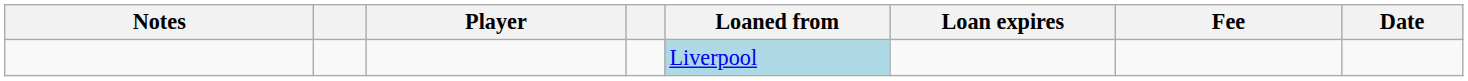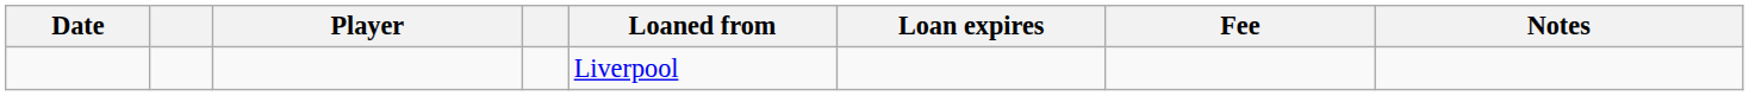 <table class="wikitable sortable">
 <tr>
-<th style="width:215px;" class="unsortable">Notes</th>
+<th style="width:80px;">Date</th>
 <th style="width:30px;"></th>
 <th style="width:180px;">Player</th>
 <th style="width:20px;"></th>
 <th style="width:155px;">Loaned from</th>
 <th style="width:155px;">Loan expires</th>
 <th style="width:155px;" class="unsortable">Fee</th>
-<th style="width:80px;">Date</th>
+<th style="width:215px;" class="unsortable">Notes</th>
 </tr>
 <tr>
-<td align=center></td>
+<td></td>
 <td align=center></td>
 <td> </td>
 <td></td>
-<td style="background: lightblue;"> <a href='#'>Liverpool</a></td>
+<td> <a href='#'>Liverpool</a></td>
 <td></td>
 <td align=center></td>
-<td></td>
+<td align=center></td>
 </tr>
 </table>
